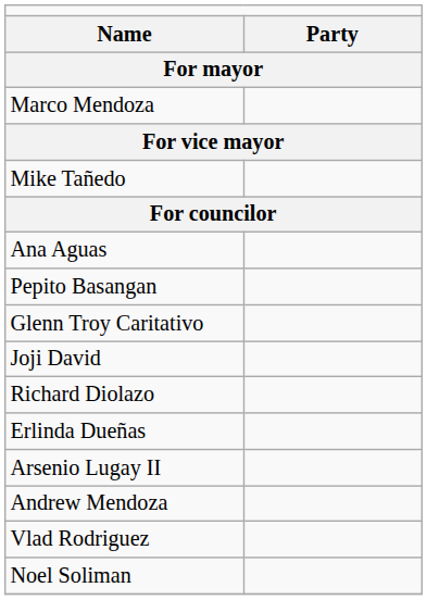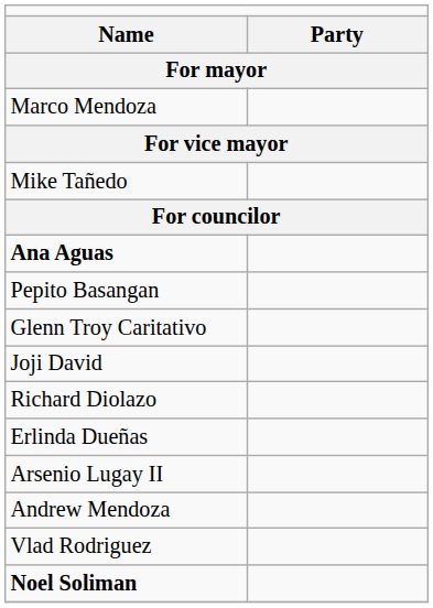 <table class=wikitable style="font-size:90%">
 <tr>
 <td colspan=4 bgcolor=></td>
 </tr>
 <tr>
 <th width=150px>Name</th>
 <th colspan=2 width=110px>Party</th>
 </tr>
 <tr>
 <th colspan=3>For mayor</th>
 </tr>
 <tr>
 <td>Marco Mendoza</td>
 <td></td>
 </tr>
 <tr>
 <th colspan=3>For vice mayor</th>
 </tr>
 <tr>
 <td>Mike Tañedo</td>
 <td></td>
 </tr>
 <tr>
 <th colspan=3>For councilor</th>
 </tr>
 <tr>
-<td>Ana Aguas</td>
+<td><strong>Ana Aguas</strong></td>
 <td></td>
 </tr>
 <tr>
 <td>Pepito Basangan</td>
 <td></td>
 </tr>
 <tr>
 <td>Glenn Troy Caritativo</td>
 <td></td>
 </tr>
 <tr>
 <td>Joji David</td>
 <td></td>
 </tr>
 <tr>
 <td>Richard Diolazo</td>
 <td></td>
 </tr>
 <tr>
 <td>Erlinda Dueñas</td>
 <td></td>
 </tr>
 <tr>
 <td>Arsenio Lugay II</td>
 <td></td>
 </tr>
 <tr>
 <td>Andrew Mendoza</td>
 <td></td>
 </tr>
 <tr>
 <td>Vlad Rodriguez</td>
 <td></td>
 </tr>
 <tr>
-<td>Noel Soliman</td>
+<td><strong>Noel Soliman</strong></td>
 <td></td>
 </tr>
 <tr>
 </tr>
 </table>
